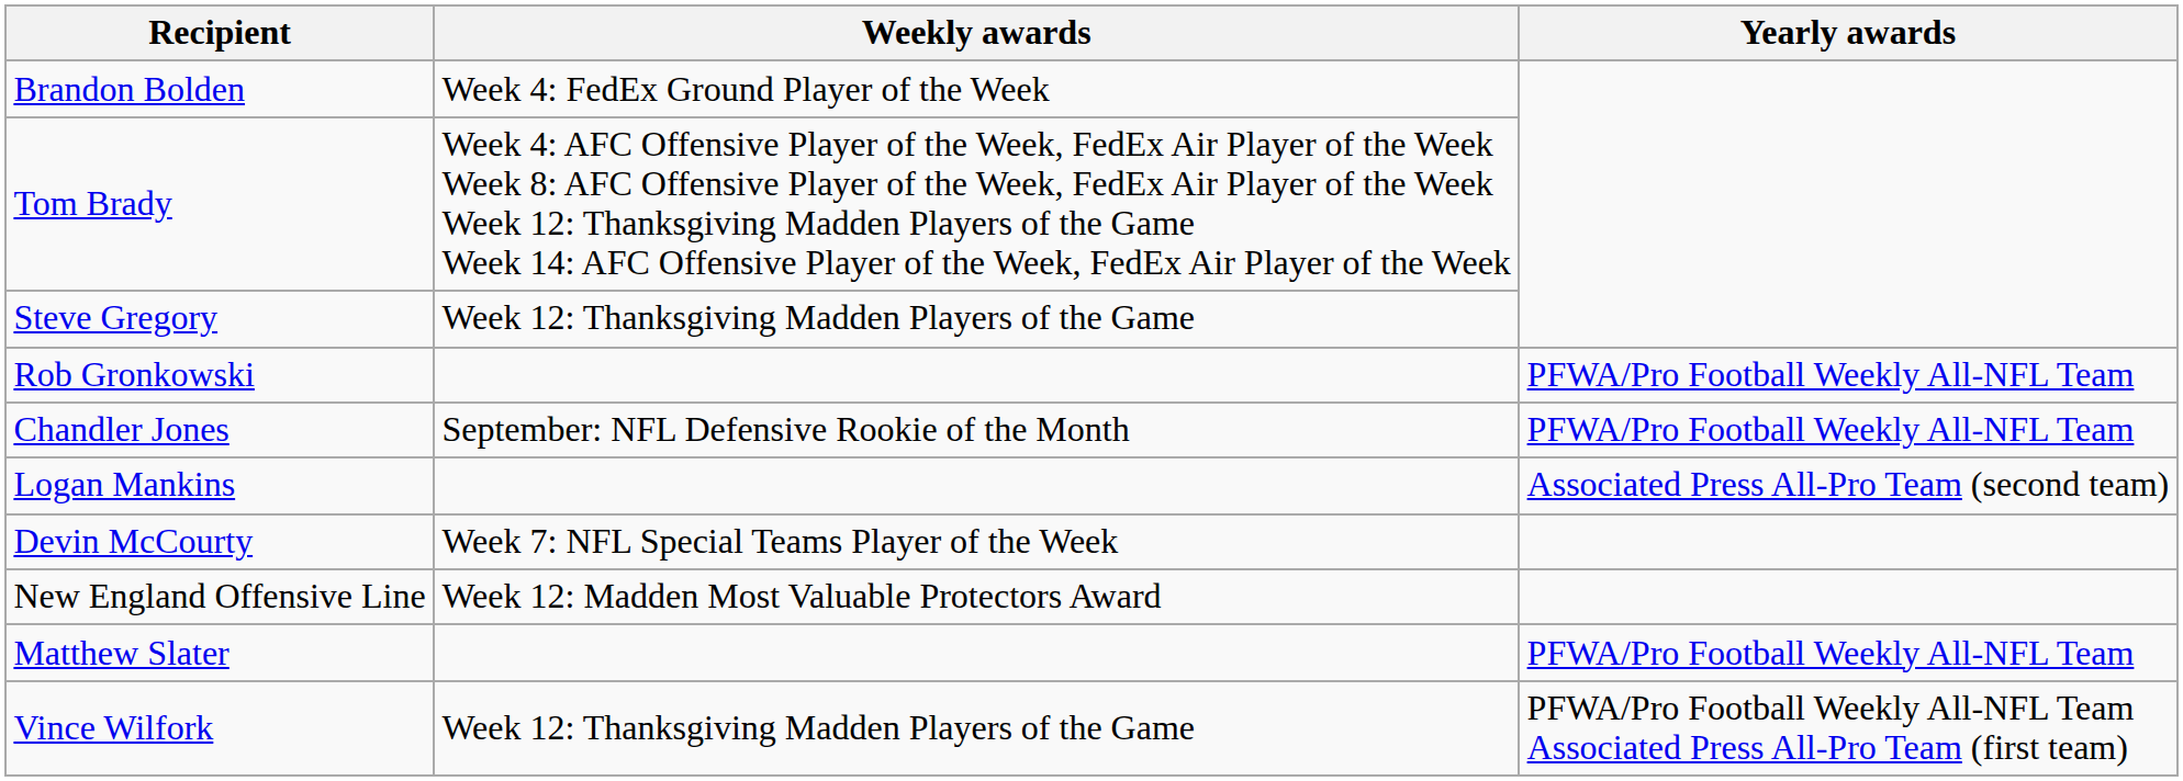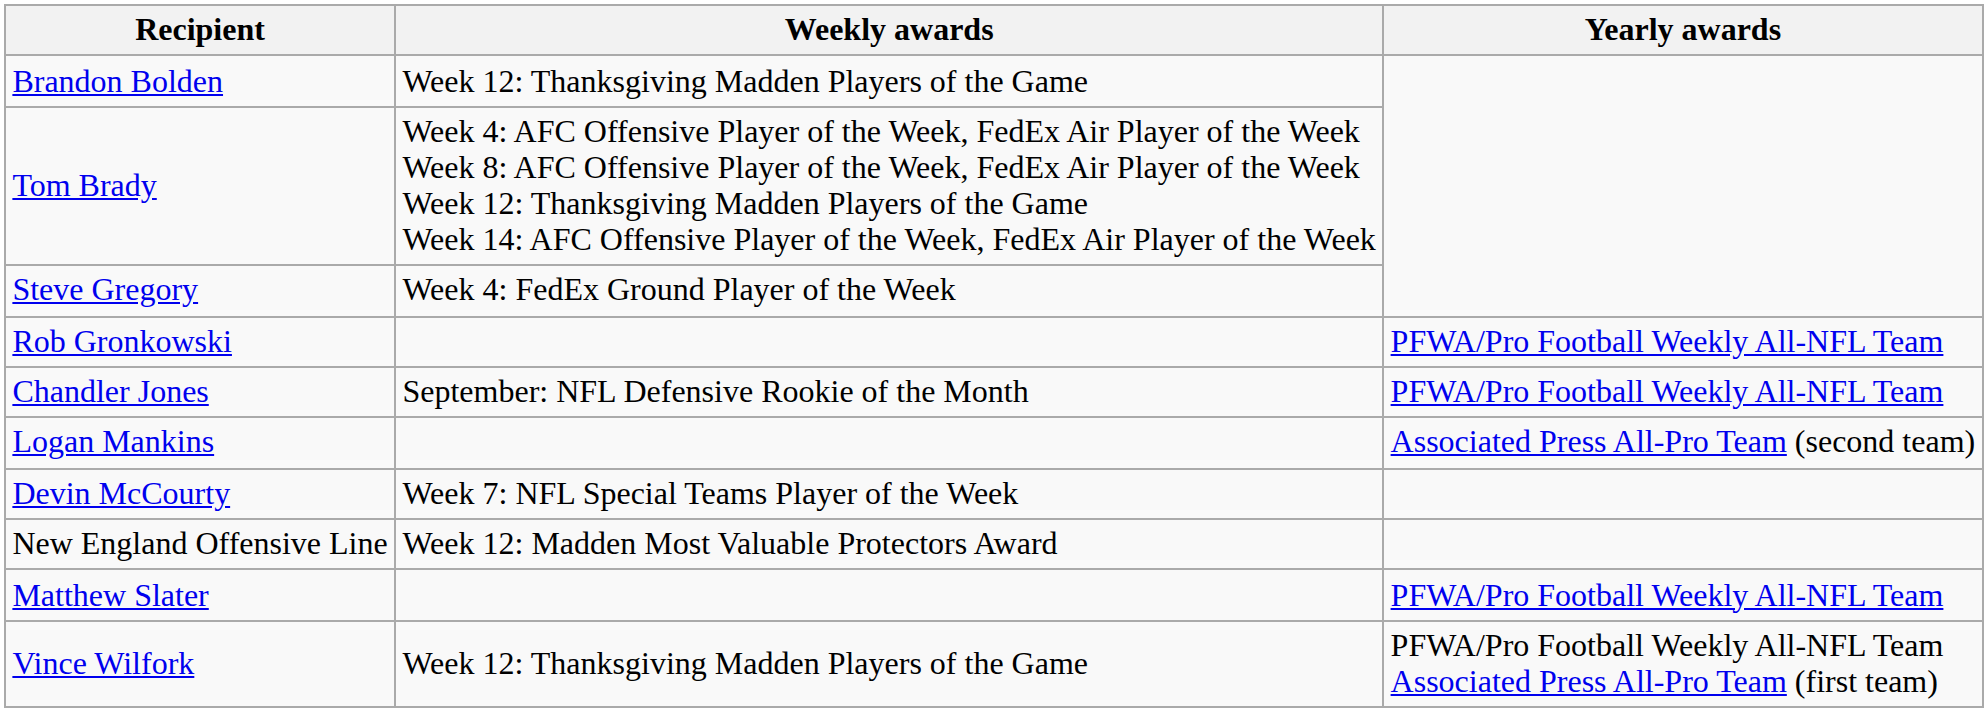 <table class="wikitable">
 <tr>
 <th>Recipient</th>
 <th>Weekly awards</th>
 <th>Yearly awards</th>
 </tr>
 <tr>
 <td><a href='#'>Brandon Bolden</a></td>
-<td>Week 4: FedEx Ground Player of the Week</td>
+<td>Week 12: Thanksgiving Madden Players of the Game</td>
 </tr>
 <tr>
 <td><a href='#'>Tom Brady</a></td>
 <td>Week 4: AFC Offensive Player of the Week, FedEx Air Player of the Week<br>Week 8: AFC Offensive Player of the Week, FedEx Air Player of the Week<br>Week 12: Thanksgiving Madden Players of the Game <br>Week 14: AFC Offensive Player of the Week, FedEx Air Player of the Week</td>
 </tr>
 <tr>
 <td><a href='#'>Steve Gregory</a></td>
-<td>Week 12: Thanksgiving Madden Players of the Game</td>
+<td>Week 4: FedEx Ground Player of the Week</td>
 </tr>
 <tr>
 <td><a href='#'>Rob Gronkowski</a></td>
 <td></td>
 <td><a href='#'>PFWA/Pro Football Weekly All-NFL Team</a></td>
 </tr>
 <tr>
 <td><a href='#'>Chandler Jones</a></td>
 <td>September: NFL Defensive Rookie of the Month</td>
 <td><a href='#'>PFWA/Pro Football Weekly All-NFL Team</a></td>
 </tr>
 <tr>
 <td><a href='#'>Logan Mankins</a></td>
 <td></td>
 <td><a href='#'>Associated Press All-Pro Team</a> (second team)</td>
 </tr>
 <tr>
 <td><a href='#'>Devin McCourty</a></td>
 <td>Week 7: NFL Special Teams Player of the Week</td>
 <td></td>
 </tr>
 <tr>
 <td>New England Offensive Line</td>
 <td>Week 12: Madden Most Valuable Protectors Award</td>
 </tr>
 <tr>
 <td><a href='#'>Matthew Slater</a></td>
 <td></td>
 <td><a href='#'>PFWA/Pro Football Weekly All-NFL Team</a></td>
 </tr>
 <tr>
 <td><a href='#'>Vince Wilfork</a></td>
 <td>Week 12: Thanksgiving Madden Players of the Game</td>
 <td>PFWA/Pro Football Weekly All-NFL Team<br><a href='#'>Associated Press All-Pro Team</a> (first team)</td>
 </tr>
 </table>
